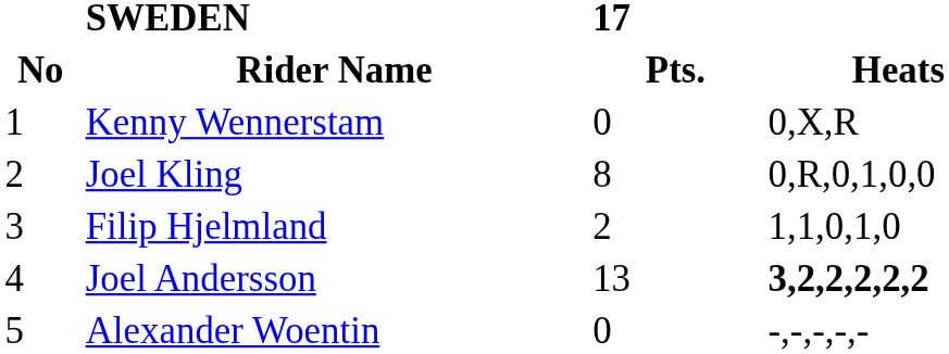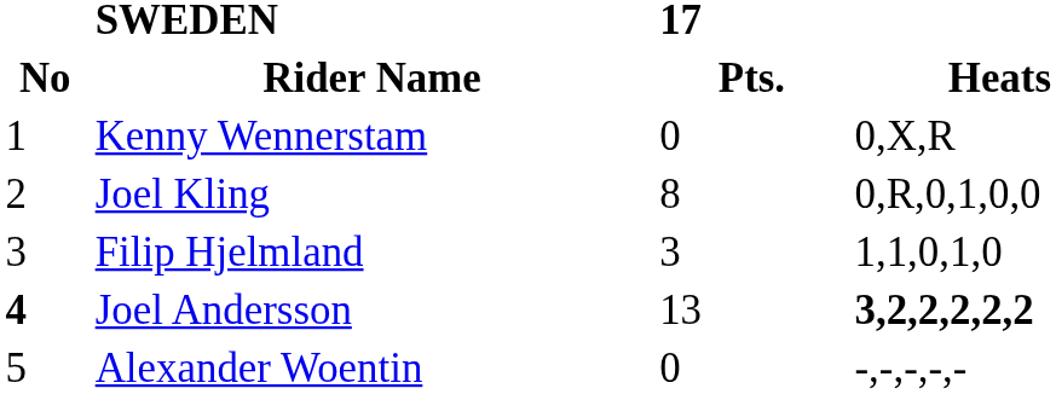 <table class="toccolours">
 <tr>
 <td></td>
 <td><strong>SWEDEN</strong></td>
 <td><strong>17</strong></td>
 </tr>
 <tr style="background-color:">
 <th width=30px>No</th>
 <th width=210px>Rider Name</th>
 <th width=70px>Pts.</th>
 <th width=110px>Heats</th>
 </tr>
 <tr style="background-color:">
 <td>1</td>
 <td><a href='#'>Kenny Wennerstam</a></td>
 <td>0</td>
 <td>0,X,R</td>
 </tr>
 <tr style="background-color:">
 <td>2</td>
 <td><a href='#'>Joel Kling</a></td>
 <td>8</td>
 <td>0,R,0,1,0,0</td>
 </tr>
 <tr style="background-color:">
 <td>3</td>
 <td><a href='#'>Filip Hjelmland</a></td>
-<td>2</td>
+<td>3</td>
 <td>1,1,0,1,0</td>
 </tr>
 <tr style="background-color:">
-<td>4</td>
+<td><strong>4</strong></td>
 <td><a href='#'>Joel Andersson</a></td>
 <td>13</td>
 <td><strong>3,2,2,2,2,2</strong></td>
 </tr>
 <tr style="background-color:">
 <td>5</td>
 <td><a href='#'>Alexander Woentin</a></td>
 <td>0</td>
 <td>-,-,-,-,-</td>
 </tr>
 </table>
